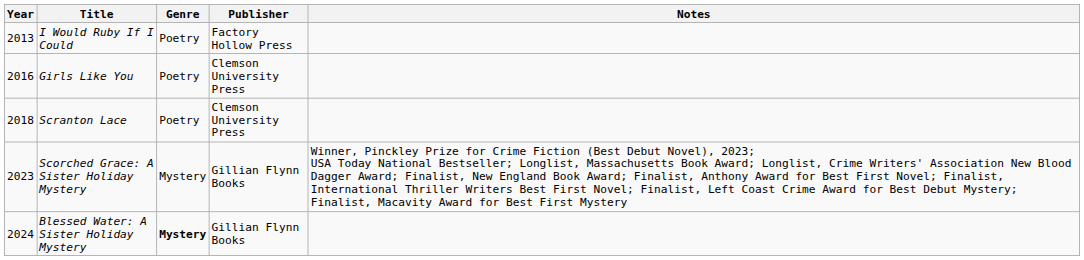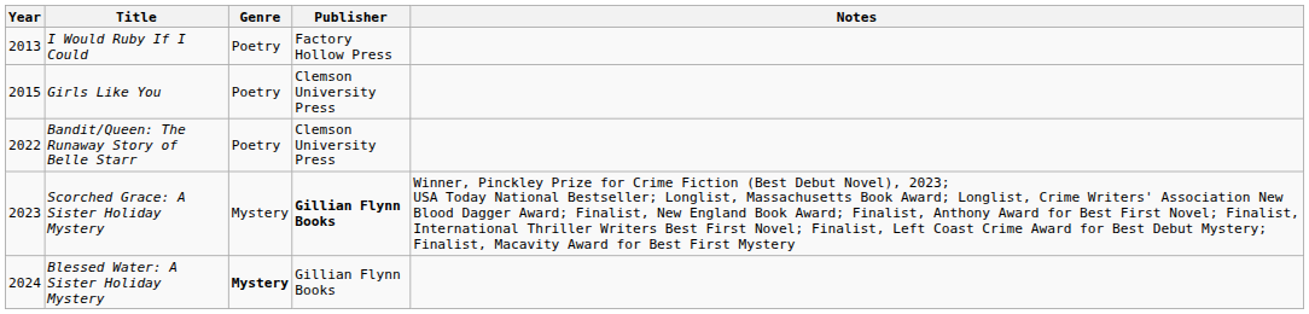 <table class="wikitable">
 <tr>
 <th>Year</th>
 <th>Title</th>
 <th>Genre</th>
 <th>Publisher</th>
 <th>Notes</th>
 </tr>
 <tr>
 <td>2013</td>
 <td><em>I Would Ruby If I Could</em></td>
 <td>Poetry</td>
 <td>Factory Hollow Press</td>
 <td></td>
 </tr>
 <tr>
-<td>2016</td>
+<td>2015</td>
 <td><em>Girls Like You</em></td>
 <td>Poetry</td>
 <td>Clemson University Press</td>
 <td></td>
 </tr>
 <tr>
-<td>2018</td>
-<td><em>Scranton Lace</em></td>
+<td>2022</td>
+<td><em>Bandit/Queen: The Runaway Story of Belle Starr</em></td>
 <td>Poetry</td>
 <td>Clemson University Press</td>
 <td></td>
 </tr>
 <tr>
 <td>2023</td>
 <td><em>Scorched Grace: A Sister Holiday Mystery</em></td>
 <td>Mystery</td>
-<td>Gillian Flynn Books</td>
+<td><strong>Gillian Flynn Books</strong></td>
 <td>Winner, Pinckley Prize for Crime Fiction (Best Debut Novel), 2023;<br>USA Today National Bestseller; Longlist, Massachusetts Book Award; Longlist, Crime Writers' Association New Blood Dagger Award; Finalist, New England Book Award; Finalist, Anthony Award for Best First Novel; Finalist, International Thriller Writers Best First Novel; Finalist, Left Coast Crime Award for Best Debut Mystery; Finalist, Macavity Award for Best First Mystery</td>
 </tr>
 <tr>
 <td>2024</td>
 <td><em>Blessed Water: A Sister Holiday Mystery</em></td>
 <td><strong>Mystery</strong></td>
 <td>Gillian Flynn Books</td>
 <td></td>
 </tr>
 </table>
